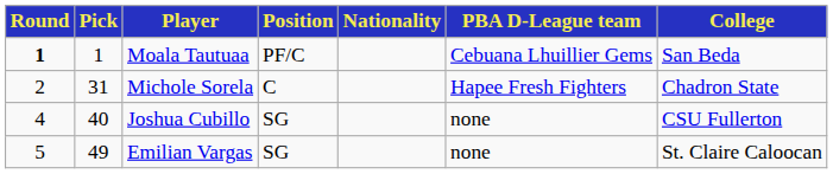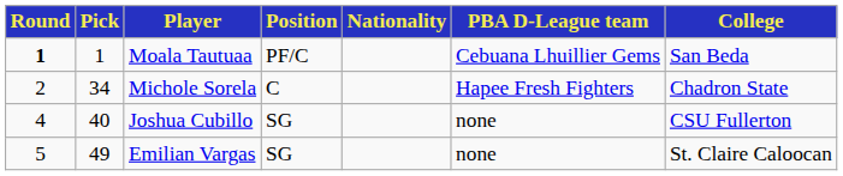 <table class="wikitable sortable sortable">
 <tr>
 <th style="background:#2631C2; color:#F4EB51; ">Round</th>
 <th style="background:#2631C2; color:#F4EB51; ">Pick</th>
 <th style="background:#2631C2; color:#F4EB51; ">Player</th>
 <th style="background:#2631C2; color:#F4EB51; ">Position</th>
 <th style="background:#2631C2; color:#F4EB51; ">Nationality</th>
 <th style="background:#2631C2; color:#F4EB51; ">PBA D-League team</th>
 <th style="background:#2631C2; color:#F4EB51; ">College</th>
 </tr>
 <tr>
 <td align=center><strong>1</strong></td>
 <td align=center>1</td>
 <td><a href='#'>Moala Tautuaa</a></td>
 <td>PF/C</td>
 <td></td>
 <td><a href='#'>Cebuana Lhuillier Gems</a></td>
 <td><a href='#'>San Beda</a></td>
 </tr>
 <tr>
 <td align=center>2</td>
-<td align=center>31</td>
+<td align=center>34</td>
 <td><a href='#'>Michole Sorela</a></td>
 <td>C</td>
 <td></td>
 <td><a href='#'>Hapee Fresh Fighters</a></td>
 <td><a href='#'>Chadron State</a></td>
 </tr>
 <tr>
 <td align=center>4</td>
 <td align=center>40</td>
 <td><a href='#'>Joshua Cubillo</a></td>
 <td>SG</td>
 <td></td>
 <td>none</td>
 <td><a href='#'>CSU Fullerton</a></td>
 </tr>
 <tr>
 <td align=center>5</td>
 <td align=center>49</td>
 <td><a href='#'>Emilian Vargas</a></td>
 <td>SG</td>
 <td></td>
 <td>none</td>
 <td>St. Claire Caloocan</td>
 </tr>
 </table>
